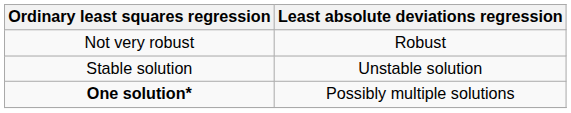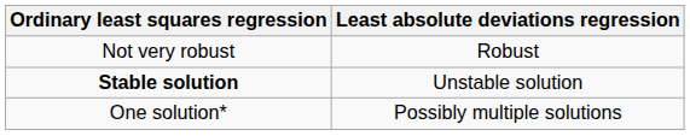 <table class="wikitable">
 <tr>
 <th>Ordinary least squares regression</th>
 <th>Least absolute deviations regression</th>
 </tr>
 <tr>
 <td rowspan=1 align="center">Not very robust</td>
 <td colspan=2 align="center">Robust</td>
 </tr>
 <tr>
-<td rowspan=1 align="center">Stable solution</td>
+<td rowspan=1 align="center"><strong>Stable solution</strong></td>
 <td colspan=2 align="center">Unstable solution</td>
 </tr>
 <tr>
-<td rowspan=1 align="center"><strong>One solution*</strong></td>
+<td rowspan=1 align="center">One solution*</td>
 <td colspan=2 align="center">Possibly multiple solutions</td>
 </tr>
 <tr>
 </tr>
 </table>
